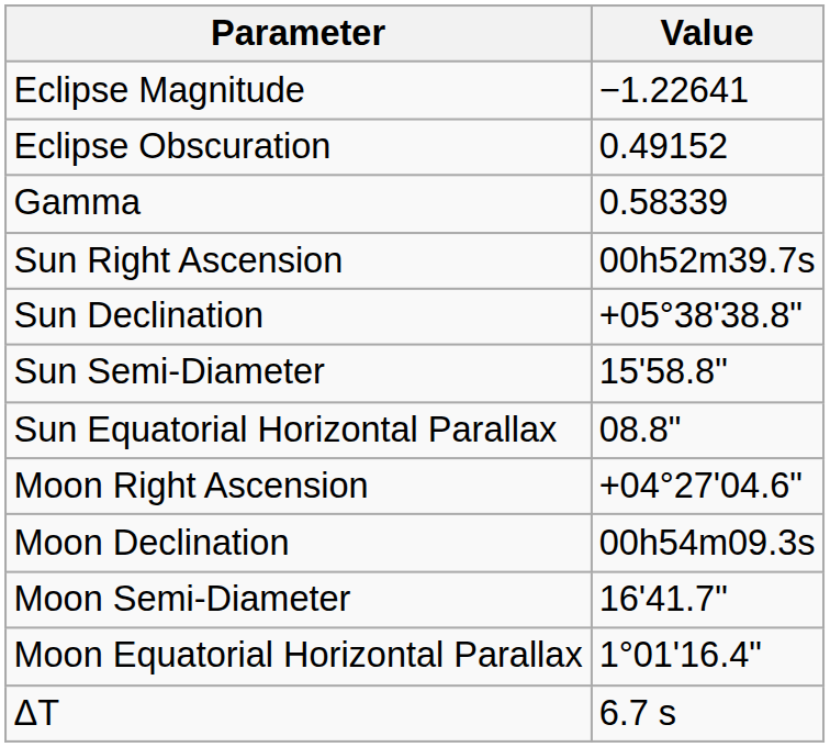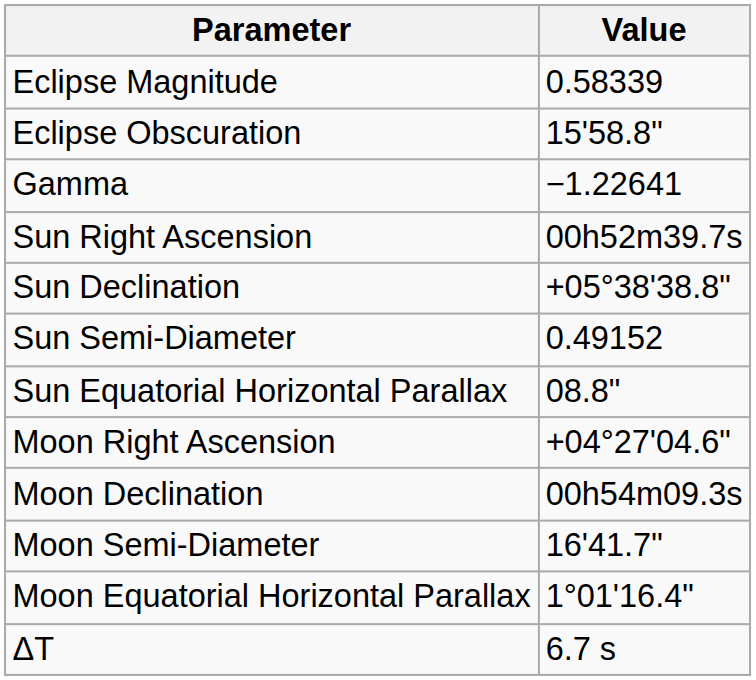 <table class="wikitable">
 <tr>
 <th>Parameter</th>
 <th>Value</th>
 </tr>
 <tr>
 <td>Eclipse Magnitude</td>
-<td>−1.22641</td>
+<td>0.58339</td>
 </tr>
 <tr>
 <td>Eclipse Obscuration</td>
-<td>0.49152</td>
+<td>15'58.8"</td>
 </tr>
 <tr>
 <td>Gamma</td>
-<td>0.58339</td>
+<td>−1.22641</td>
 </tr>
 <tr>
 <td>Sun Right Ascension</td>
 <td>00h52m39.7s</td>
 </tr>
 <tr>
 <td>Sun Declination</td>
 <td>+05°38'38.8"</td>
 </tr>
 <tr>
 <td>Sun Semi-Diameter</td>
-<td>15'58.8"</td>
+<td>0.49152</td>
 </tr>
 <tr>
 <td>Sun Equatorial Horizontal Parallax</td>
 <td>08.8"</td>
 </tr>
 <tr>
 <td>Moon Right Ascension</td>
 <td>+04°27'04.6"</td>
 </tr>
 <tr>
 <td>Moon Declination</td>
 <td>00h54m09.3s</td>
 </tr>
 <tr>
 <td>Moon Semi-Diameter</td>
 <td>16'41.7"</td>
 </tr>
 <tr>
 <td>Moon Equatorial Horizontal Parallax</td>
 <td>1°01'16.4"</td>
 </tr>
 <tr>
 <td>ΔT</td>
 <td>6.7 s</td>
 </tr>
 </table>
